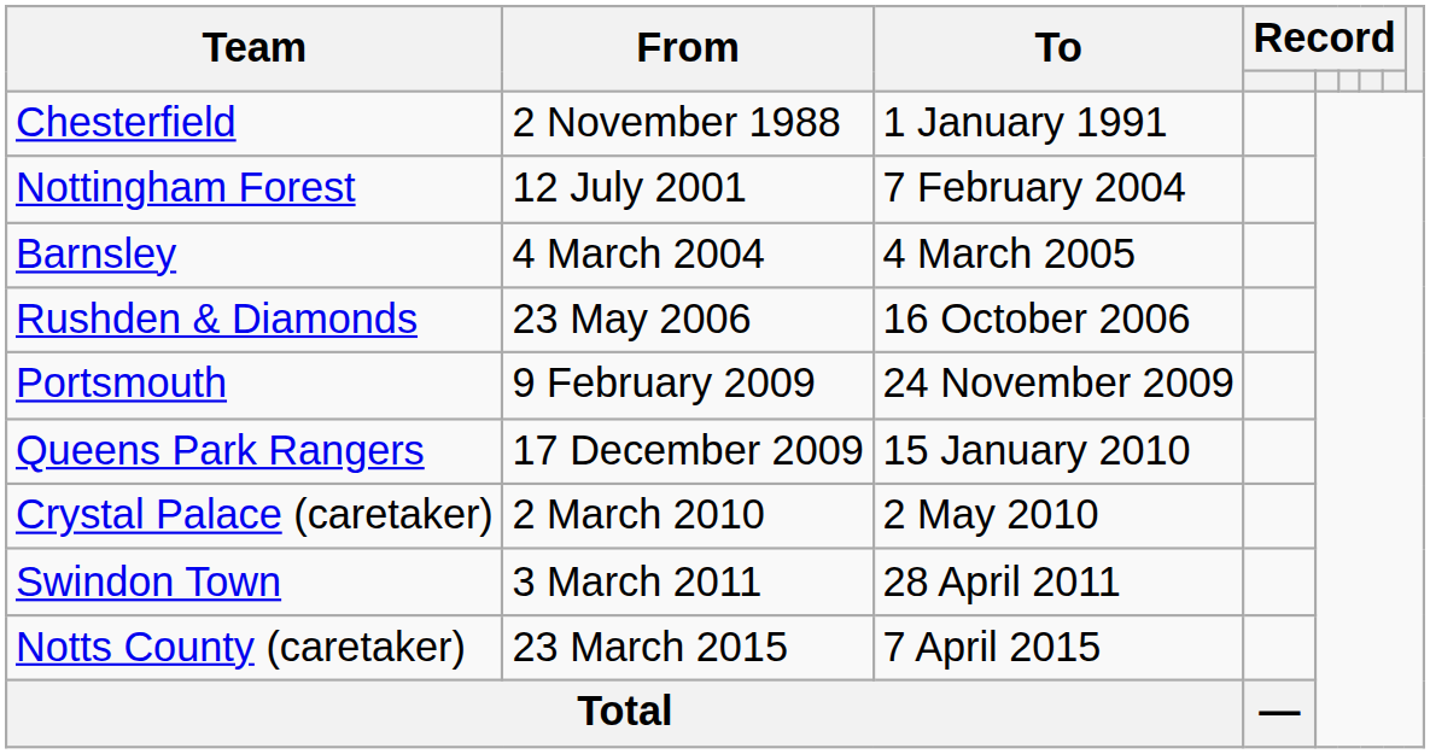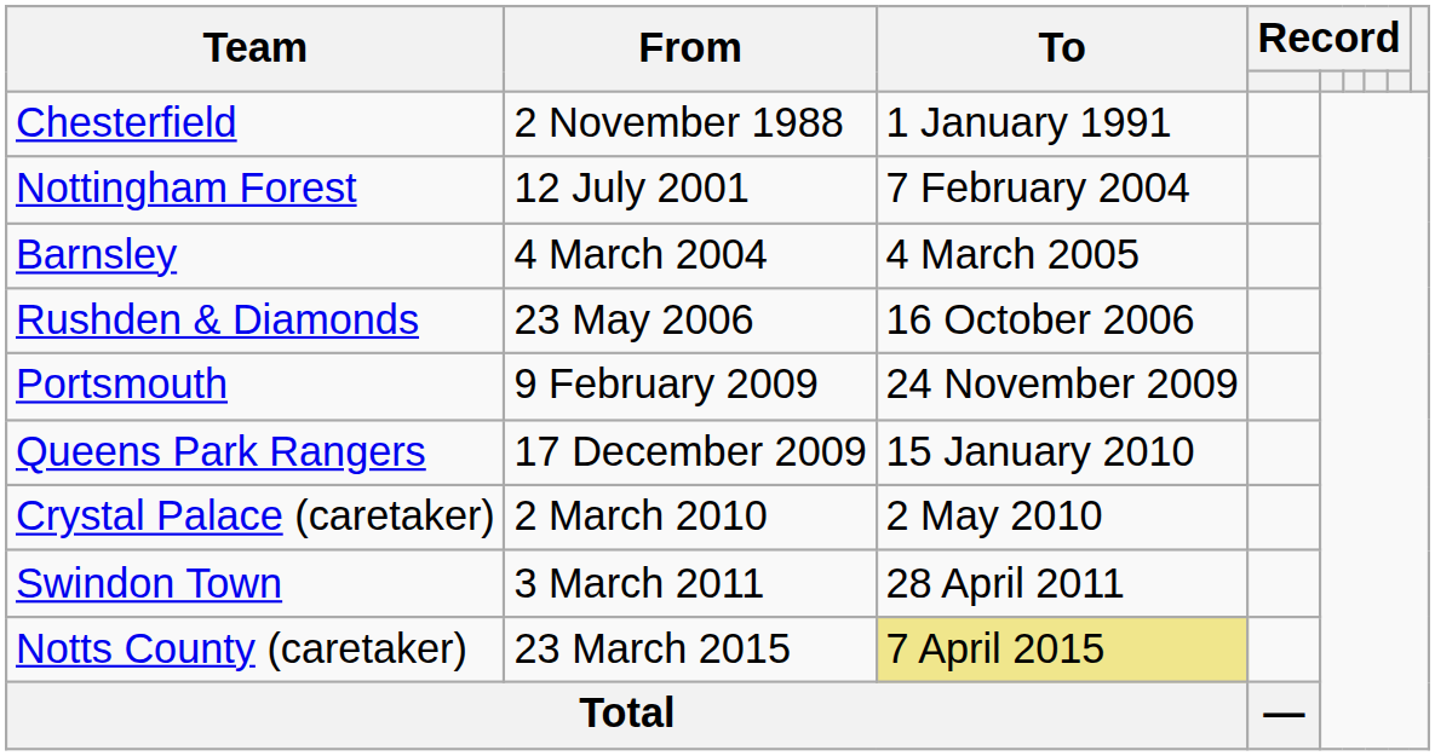 <table class=wikitable style="text-align: center">
 <tr>
 <th rowspan=2>Team</th>
 <th rowspan=2>From</th>
 <th rowspan=2>To</th>
 <th colspan=5>Record</th>
 <th rowspan=2></th>
 </tr>
 <tr>
 <th></th>
 <th></th>
 <th></th>
 <th></th>
 <th></th>
 </tr>
 <tr>
 <td align=left><a href='#'>Chesterfield</a></td>
 <td align=left>2 November 1988</td>
 <td align=left>1 January 1991<br></td>
 <td></td>
 </tr>
 <tr>
 <td align=left><a href='#'>Nottingham Forest</a></td>
 <td align=left>12 July 2001</td>
 <td align=left>7 February 2004<br></td>
 <td></td>
 </tr>
 <tr>
 <td align=left><a href='#'>Barnsley</a></td>
 <td align=left>4 March 2004</td>
 <td align=left>4 March 2005<br></td>
 <td></td>
 </tr>
 <tr>
 <td align=left><a href='#'>Rushden & Diamonds</a></td>
 <td align=left>23 May 2006</td>
 <td align=left>16 October 2006<br></td>
 <td></td>
 </tr>
 <tr>
 <td align=left><a href='#'>Portsmouth</a></td>
 <td align=left>9 February 2009</td>
 <td align=left>24 November 2009<br></td>
 <td></td>
 </tr>
 <tr>
 <td align=left><a href='#'>Queens Park Rangers</a></td>
 <td align=left>17 December 2009</td>
 <td align=left>15 January 2010<br></td>
 <td></td>
 </tr>
 <tr>
 <td align=left><a href='#'>Crystal Palace</a> (caretaker)</td>
 <td align=left>2 March 2010</td>
 <td align=left>2 May 2010<br></td>
 <td></td>
 </tr>
 <tr>
 <td align=left><a href='#'>Swindon Town</a></td>
 <td align=left>3 March 2011</td>
 <td align=left>28 April 2011<br></td>
 <td></td>
 </tr>
 <tr>
 <td align=left><a href='#'>Notts County</a> (caretaker)</td>
 <td align=left>23 March 2015</td>
-<td align=left>7 April 2015<br></td>
+<td align=left style="background: khaki;">7 April 2015<br></td>
 <td></td>
 </tr>
 <tr>
 <th colspan="3">Total<br></th>
 <th>—</th>
 </tr>
 </table>
